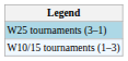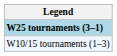 <table class=wikitable style="font-size:85%">
 <tr>
 <th>Legend</th>
 </tr>
 <tr style="background:lightblue;">
-<td>W25 tournaments (3–1)</td>
+<td><strong>W25 tournaments (3–1)</strong></td>
 </tr>
 <tr style="background:#f0f8ff;">
 <td>W10/15 tournaments (1–3)</td>
 </tr>
 </table>
